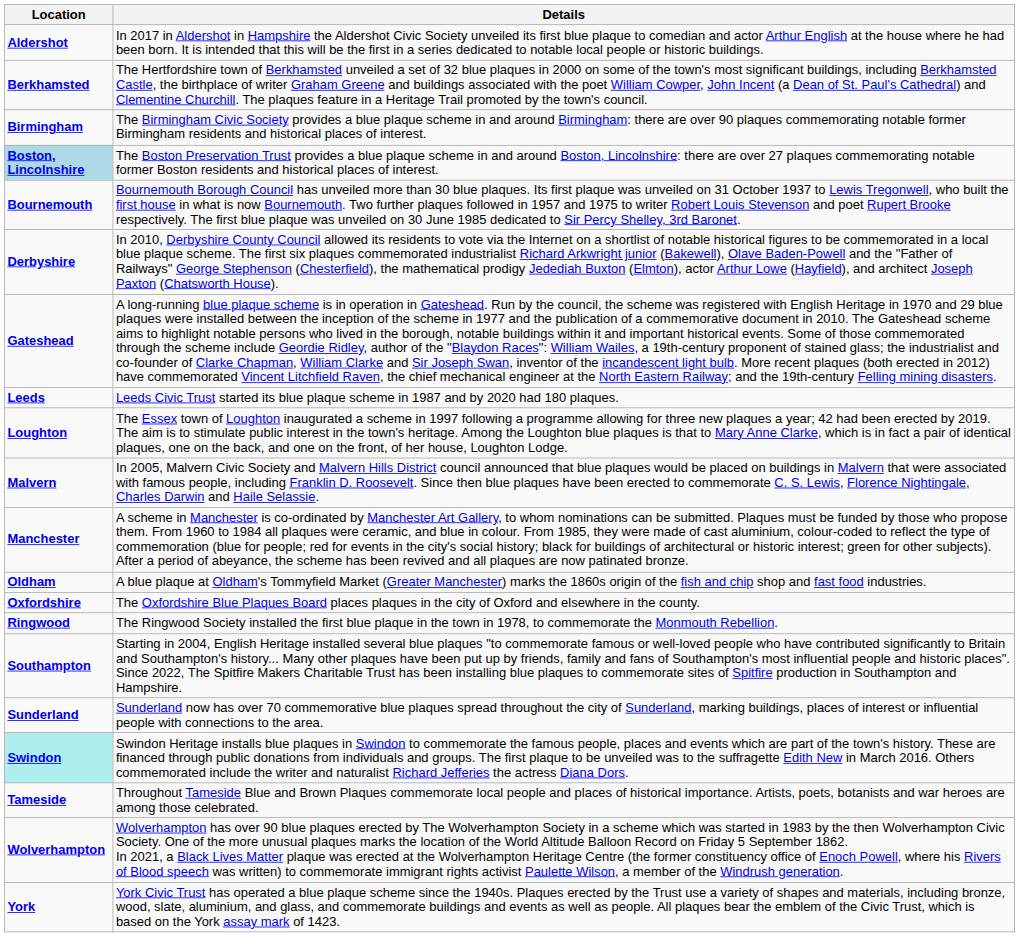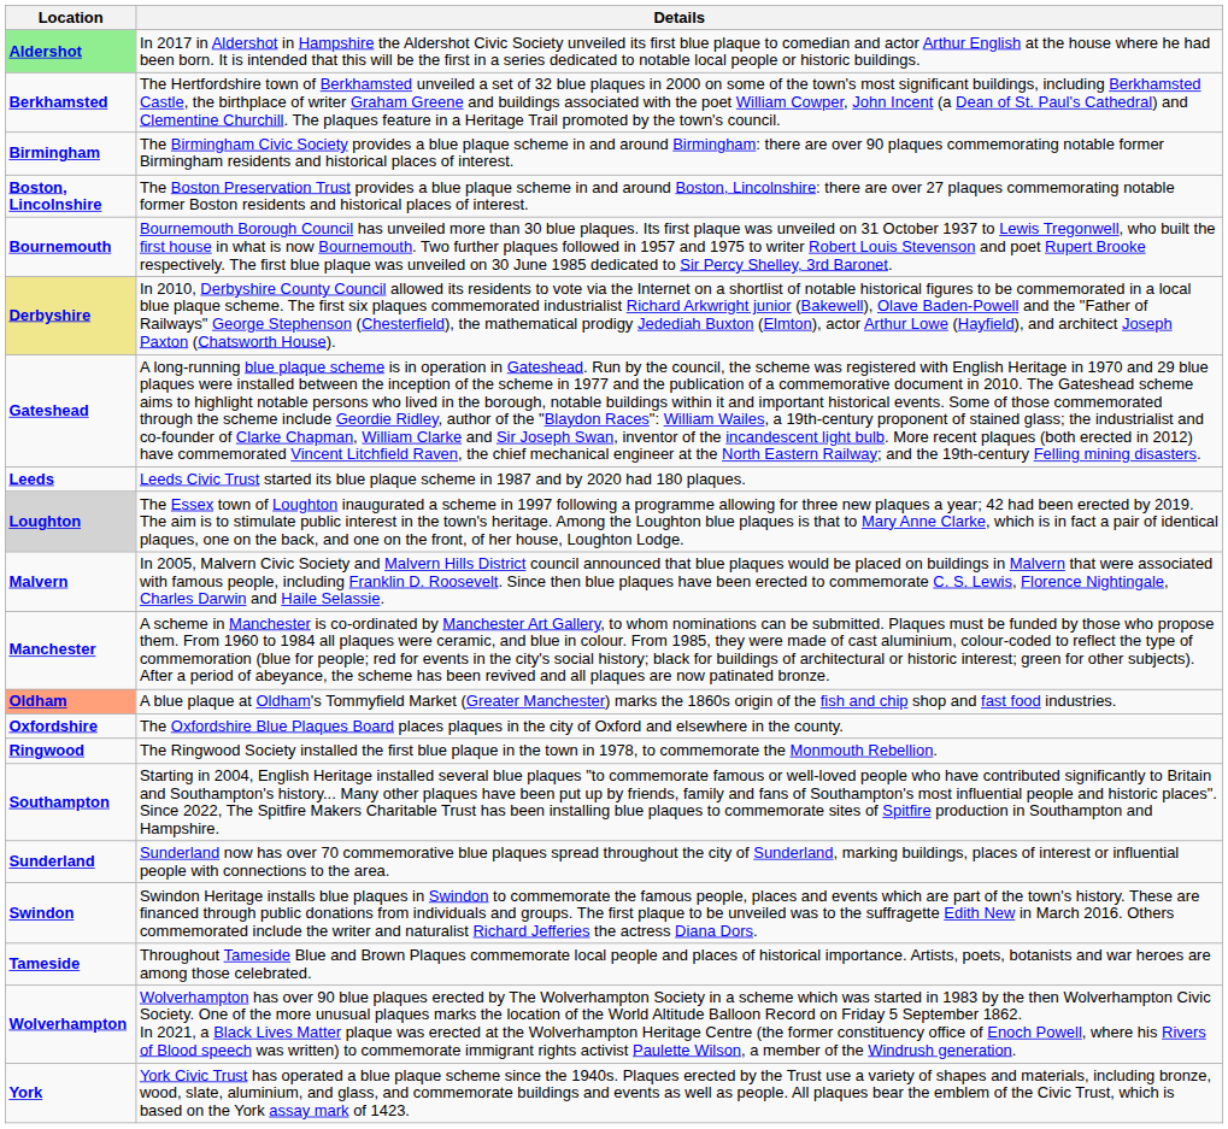 <table class="wikitable">
 <tr>
 <th>Location</th>
 <th>Details</th>
 </tr>
 <tr>
-<td><strong><a href='#'>Aldershot</a></strong></td>
+<td style="background: lightgreen;"><strong><a href='#'>Aldershot</a></strong></td>
 <td>In 2017 in <a href='#'>Aldershot</a> in <a href='#'>Hampshire</a> the Aldershot Civic Society unveiled its first blue plaque to comedian and actor <a href='#'>Arthur English</a> at the house where he had been born. It is intended that this will be the first in a series dedicated to notable local people or historic buildings.</td>
 </tr>
 <tr>
 <td><strong><a href='#'>Berkhamsted</a></strong></td>
 <td>The Hertfordshire town of <a href='#'>Berkhamsted</a> unveiled a set of 32 blue plaques in 2000 on some of the town's most significant buildings, including <a href='#'>Berkhamsted Castle</a>, the birthplace of writer <a href='#'>Graham Greene</a> and buildings associated with the poet <a href='#'>William Cowper</a>, <a href='#'>John Incent</a> (a <a href='#'>Dean of St. Paul's Cathedral</a>) and <a href='#'>Clementine Churchill</a>. The plaques feature in a Heritage Trail promoted by the town's council.</td>
 </tr>
 <tr>
 <td><strong><a href='#'>Birmingham</a></strong></td>
 <td>The <a href='#'>Birmingham Civic Society</a> provides a blue plaque scheme in and around <a href='#'>Birmingham</a>: there are over 90 plaques commemorating notable former Birmingham residents and historical places of interest.</td>
 </tr>
 <tr>
-<td style="background: lightblue;"><strong><a href='#'>Boston, Lincolnshire</a></strong></td>
+<td><strong><a href='#'>Boston, Lincolnshire</a></strong></td>
 <td>The <a href='#'>Boston Preservation Trust</a> provides a blue plaque scheme in and around <a href='#'>Boston, Lincolnshire</a>: there are over 27 plaques commemorating notable former Boston residents and historical places of interest.</td>
 </tr>
 <tr>
 <td><strong><a href='#'>Bournemouth</a></strong></td>
 <td><a href='#'>Bournemouth Borough Council</a> has unveiled more than 30 blue plaques. Its first plaque was unveiled on 31 October 1937 to <a href='#'>Lewis Tregonwell</a>, who built the <a href='#'>first house</a> in what is now <a href='#'>Bournemouth</a>. Two further plaques followed in 1957 and 1975 to writer <a href='#'>Robert Louis Stevenson</a> and poet <a href='#'>Rupert Brooke</a> respectively. The first blue plaque was unveiled on 30 June 1985 dedicated to <a href='#'>Sir Percy Shelley, 3rd Baronet</a>.</td>
 </tr>
 <tr>
-<td><strong><a href='#'>Derbyshire</a></strong></td>
+<td style="background: khaki;"><strong><a href='#'>Derbyshire</a></strong></td>
 <td>In 2010, <a href='#'>Derbyshire County Council</a> allowed its residents to vote via the Internet on a shortlist of notable historical figures to be commemorated in a local blue plaque scheme. The first six plaques commemorated industrialist <a href='#'>Richard Arkwright junior</a> (<a href='#'>Bakewell</a>), <a href='#'>Olave Baden-Powell</a> and the "Father of Railways" <a href='#'>George Stephenson</a> (<a href='#'>Chesterfield</a>), the mathematical prodigy <a href='#'>Jedediah Buxton</a> (<a href='#'>Elmton</a>), actor <a href='#'>Arthur Lowe</a> (<a href='#'>Hayfield</a>), and architect <a href='#'>Joseph Paxton</a> (<a href='#'>Chatsworth House</a>).</td>
 </tr>
 <tr>
 <td><strong><a href='#'>Gateshead</a></strong></td>
 <td>A long-running <a href='#'>blue plaque scheme</a> is in operation in <a href='#'>Gateshead</a>. Run by the council, the scheme was registered with English Heritage in 1970 and 29 blue plaques were installed between the inception of the scheme in 1977 and the publication of a commemorative document in 2010. The Gateshead scheme aims to highlight notable persons who lived in the borough, notable buildings within it and important historical events. Some of those commemorated through the scheme include <a href='#'>Geordie Ridley</a>, author of the "<a href='#'>Blaydon Races</a>": <a href='#'>William Wailes</a>, a 19th-century proponent of stained glass; the industrialist and co-founder of <a href='#'>Clarke Chapman</a>, <a href='#'>William Clarke</a> and <a href='#'>Sir Joseph Swan</a>, inventor of the <a href='#'>incandescent light bulb</a>. More recent plaques (both erected in 2012) have commemorated <a href='#'>Vincent Litchfield Raven</a>, the chief mechanical engineer at the <a href='#'>North Eastern Railway</a>; and the 19th-century <a href='#'>Felling mining disasters</a>.</td>
 </tr>
 <tr>
 <td><strong><a href='#'>Leeds</a></strong></td>
 <td><a href='#'>Leeds Civic Trust</a> started its blue plaque scheme in 1987 and by 2020 had 180 plaques.</td>
 </tr>
 <tr>
-<td><strong><a href='#'>Loughton</a></strong></td>
+<td style="background: lightgrey;"><strong><a href='#'>Loughton</a></strong></td>
 <td>The <a href='#'>Essex</a> town of <a href='#'>Loughton</a> inaugurated a scheme in 1997 following a programme allowing for three new plaques a year; 42 had been erected by 2019. The aim is to stimulate public interest in the town's heritage. Among the Loughton blue plaques is that to <a href='#'>Mary Anne Clarke</a>, which is in fact a pair of identical plaques, one on the back, and one on the front, of her house, Loughton Lodge.</td>
 </tr>
 <tr>
 <td><strong><a href='#'>Malvern</a></strong></td>
 <td>In 2005, Malvern Civic Society and <a href='#'>Malvern Hills District</a> council announced that blue plaques would be placed on buildings in <a href='#'>Malvern</a> that were associated with famous people, including <a href='#'>Franklin D. Roosevelt</a>. Since then blue plaques have been erected to commemorate <a href='#'>C. S. Lewis</a>, <a href='#'>Florence Nightingale</a>, <a href='#'>Charles Darwin</a> and <a href='#'>Haile Selassie</a>.</td>
 </tr>
 <tr>
 <td><strong><a href='#'>Manchester</a></strong></td>
 <td>A scheme in <a href='#'>Manchester</a> is co-ordinated by <a href='#'>Manchester Art Gallery</a>, to whom nominations can be submitted. Plaques must be funded by those who propose them. From 1960 to 1984 all plaques were ceramic, and blue in colour. From 1985, they were made of cast aluminium, colour-coded to reflect the type of commemoration (blue for people; red for events in the city's social history; black for buildings of architectural or historic interest; green for other subjects). After a period of abeyance, the scheme has been revived and all plaques are now patinated bronze.</td>
 </tr>
 <tr>
-<td><strong><a href='#'>Oldham</a></strong></td>
+<td style="background: lightsalmon;"><strong><a href='#'>Oldham</a></strong></td>
 <td>A blue plaque at <a href='#'>Oldham</a>'s Tommyfield Market (<a href='#'>Greater Manchester</a>) marks the 1860s origin of the <a href='#'>fish and chip</a> shop and <a href='#'>fast food</a> industries.</td>
 </tr>
 <tr>
 <td><strong><a href='#'>Oxfordshire</a></strong></td>
 <td>The <a href='#'>Oxfordshire Blue Plaques Board</a> places plaques in the city of Oxford and elsewhere in the county.</td>
 </tr>
 <tr>
 <td><strong><a href='#'>Ringwood</a></strong></td>
 <td>The Ringwood Society installed the first blue plaque in the town in 1978, to commemorate the <a href='#'>Monmouth Rebellion</a>.</td>
 </tr>
 <tr>
 <td><strong><a href='#'>Southampton</a></strong></td>
 <td>Starting in 2004, English Heritage installed several blue plaques "to commemorate famous or well-loved people who have contributed significantly to Britain and Southampton's history... Many other plaques have been put up by friends, family and fans of Southampton's most influential people and historic places". Since 2022, The Spitfire Makers Charitable Trust has been installing blue plaques to commemorate sites of <a href='#'>Spitfire</a> production in Southampton and Hampshire.</td>
 </tr>
 <tr>
 <td><strong><a href='#'>Sunderland</a></strong></td>
 <td><a href='#'>Sunderland</a> now has over 70 commemorative blue plaques spread throughout the city of <a href='#'>Sunderland</a>, marking buildings, places of interest or influential people with connections to the area.</td>
 </tr>
 <tr>
-<td style="background: paleturquoise;"><strong><a href='#'>Swindon</a></strong></td>
+<td><strong><a href='#'>Swindon</a></strong></td>
 <td>Swindon Heritage installs blue plaques in <a href='#'>Swindon</a> to commemorate the famous people, places and events which are part of the town's history. These are financed through public donations from individuals and groups. The first plaque to be unveiled was to the suffragette <a href='#'>Edith New</a> in March 2016. Others commemorated include the writer and naturalist <a href='#'>Richard Jefferies</a> the actress <a href='#'>Diana Dors</a>.</td>
 </tr>
 <tr>
 <td><strong><a href='#'>Tameside</a></strong></td>
 <td>Throughout  <a href='#'>Tameside</a> Blue and Brown Plaques commemorate local people and places of historical importance. Artists, poets, botanists and war heroes are among those celebrated.</td>
 </tr>
 <tr>
 <td><strong><a href='#'>Wolverhampton</a></strong></td>
 <td><a href='#'>Wolverhampton</a> has over 90 blue plaques erected by The Wolverhampton Society in a scheme which was started in 1983 by the then Wolverhampton Civic Society. One of the more unusual plaques marks the location of the World Altitude Balloon Record on Friday 5 September 1862.<br>In 2021, a <a href='#'>Black Lives Matter</a> plaque was erected at the Wolverhampton Heritage Centre (the former constituency office of <a href='#'>Enoch Powell</a>, where his <a href='#'>Rivers of Blood speech</a> was written) to commemorate immigrant rights activist <a href='#'>Paulette Wilson</a>, a member of the <a href='#'>Windrush generation</a>.</td>
 </tr>
 <tr>
 <td><strong><a href='#'>York</a></strong></td>
 <td><a href='#'>York Civic Trust</a> has operated a blue plaque scheme since the 1940s. Plaques erected by the Trust use a variety of shapes and materials, including bronze, wood, slate, aluminium, and glass, and commemorate buildings and events as well as people. All plaques bear the emblem of the Civic Trust, which is based on the York <a href='#'>assay mark</a> of 1423.</td>
 </tr>
 </table>
